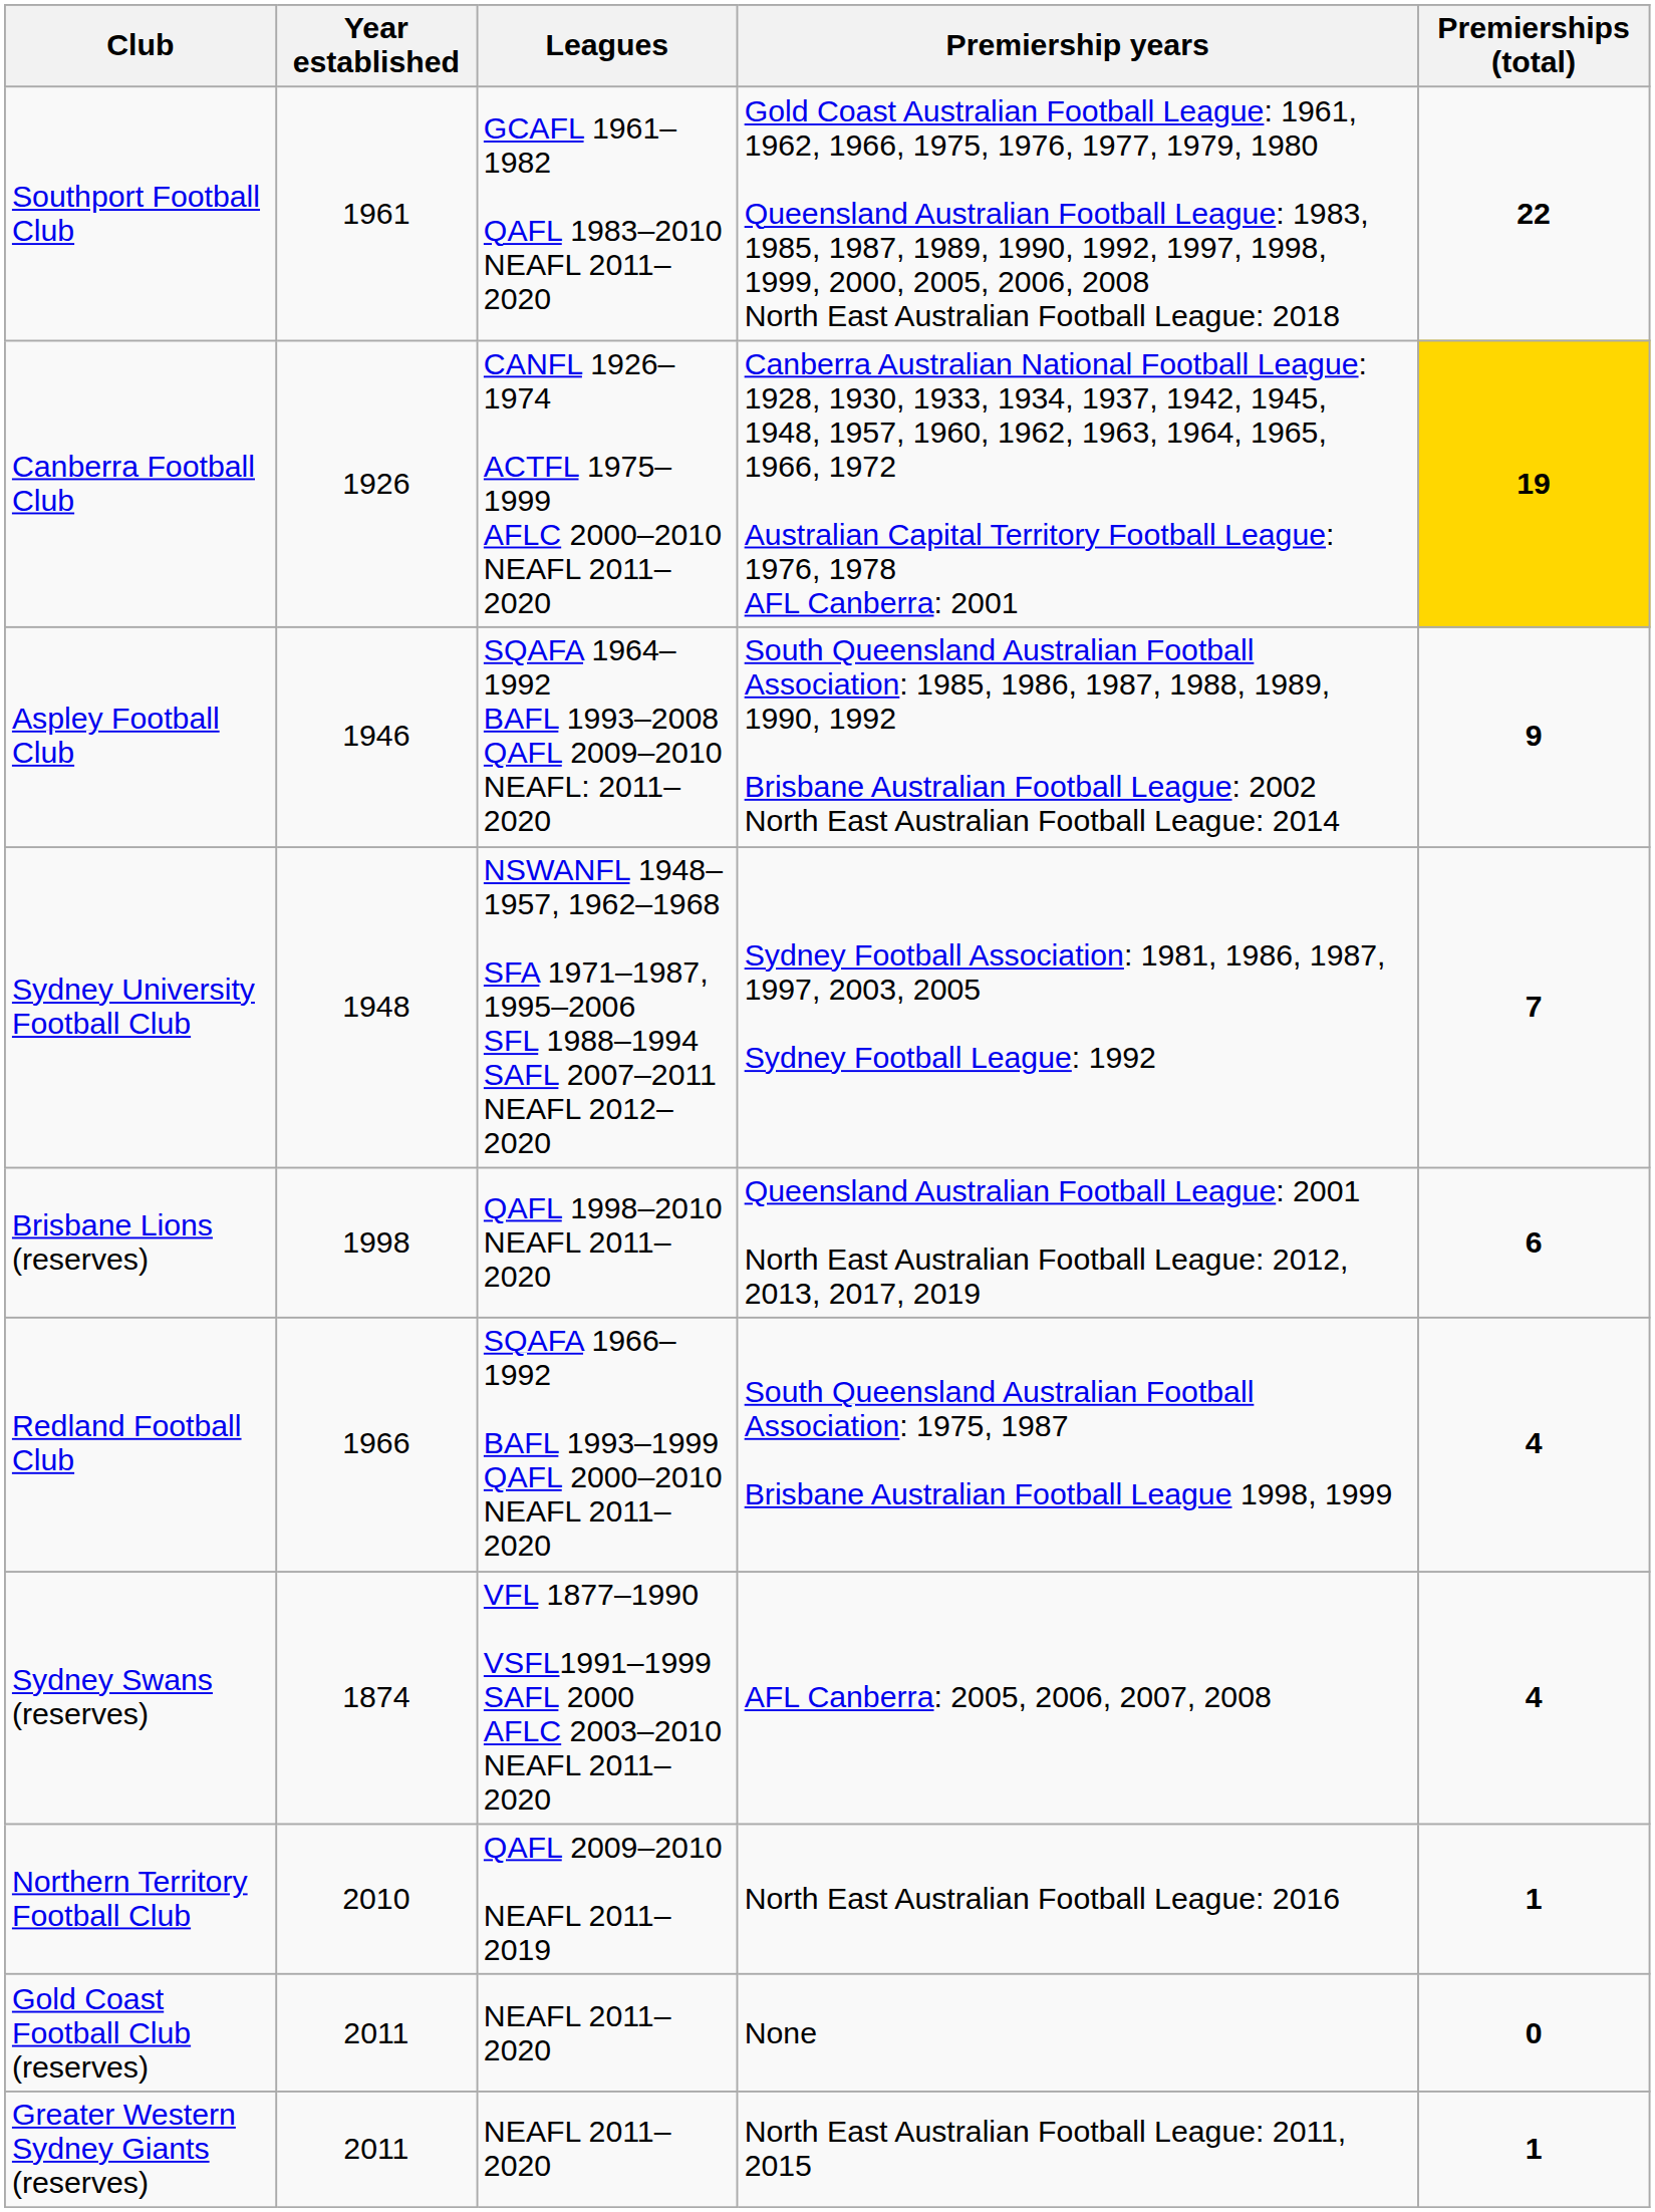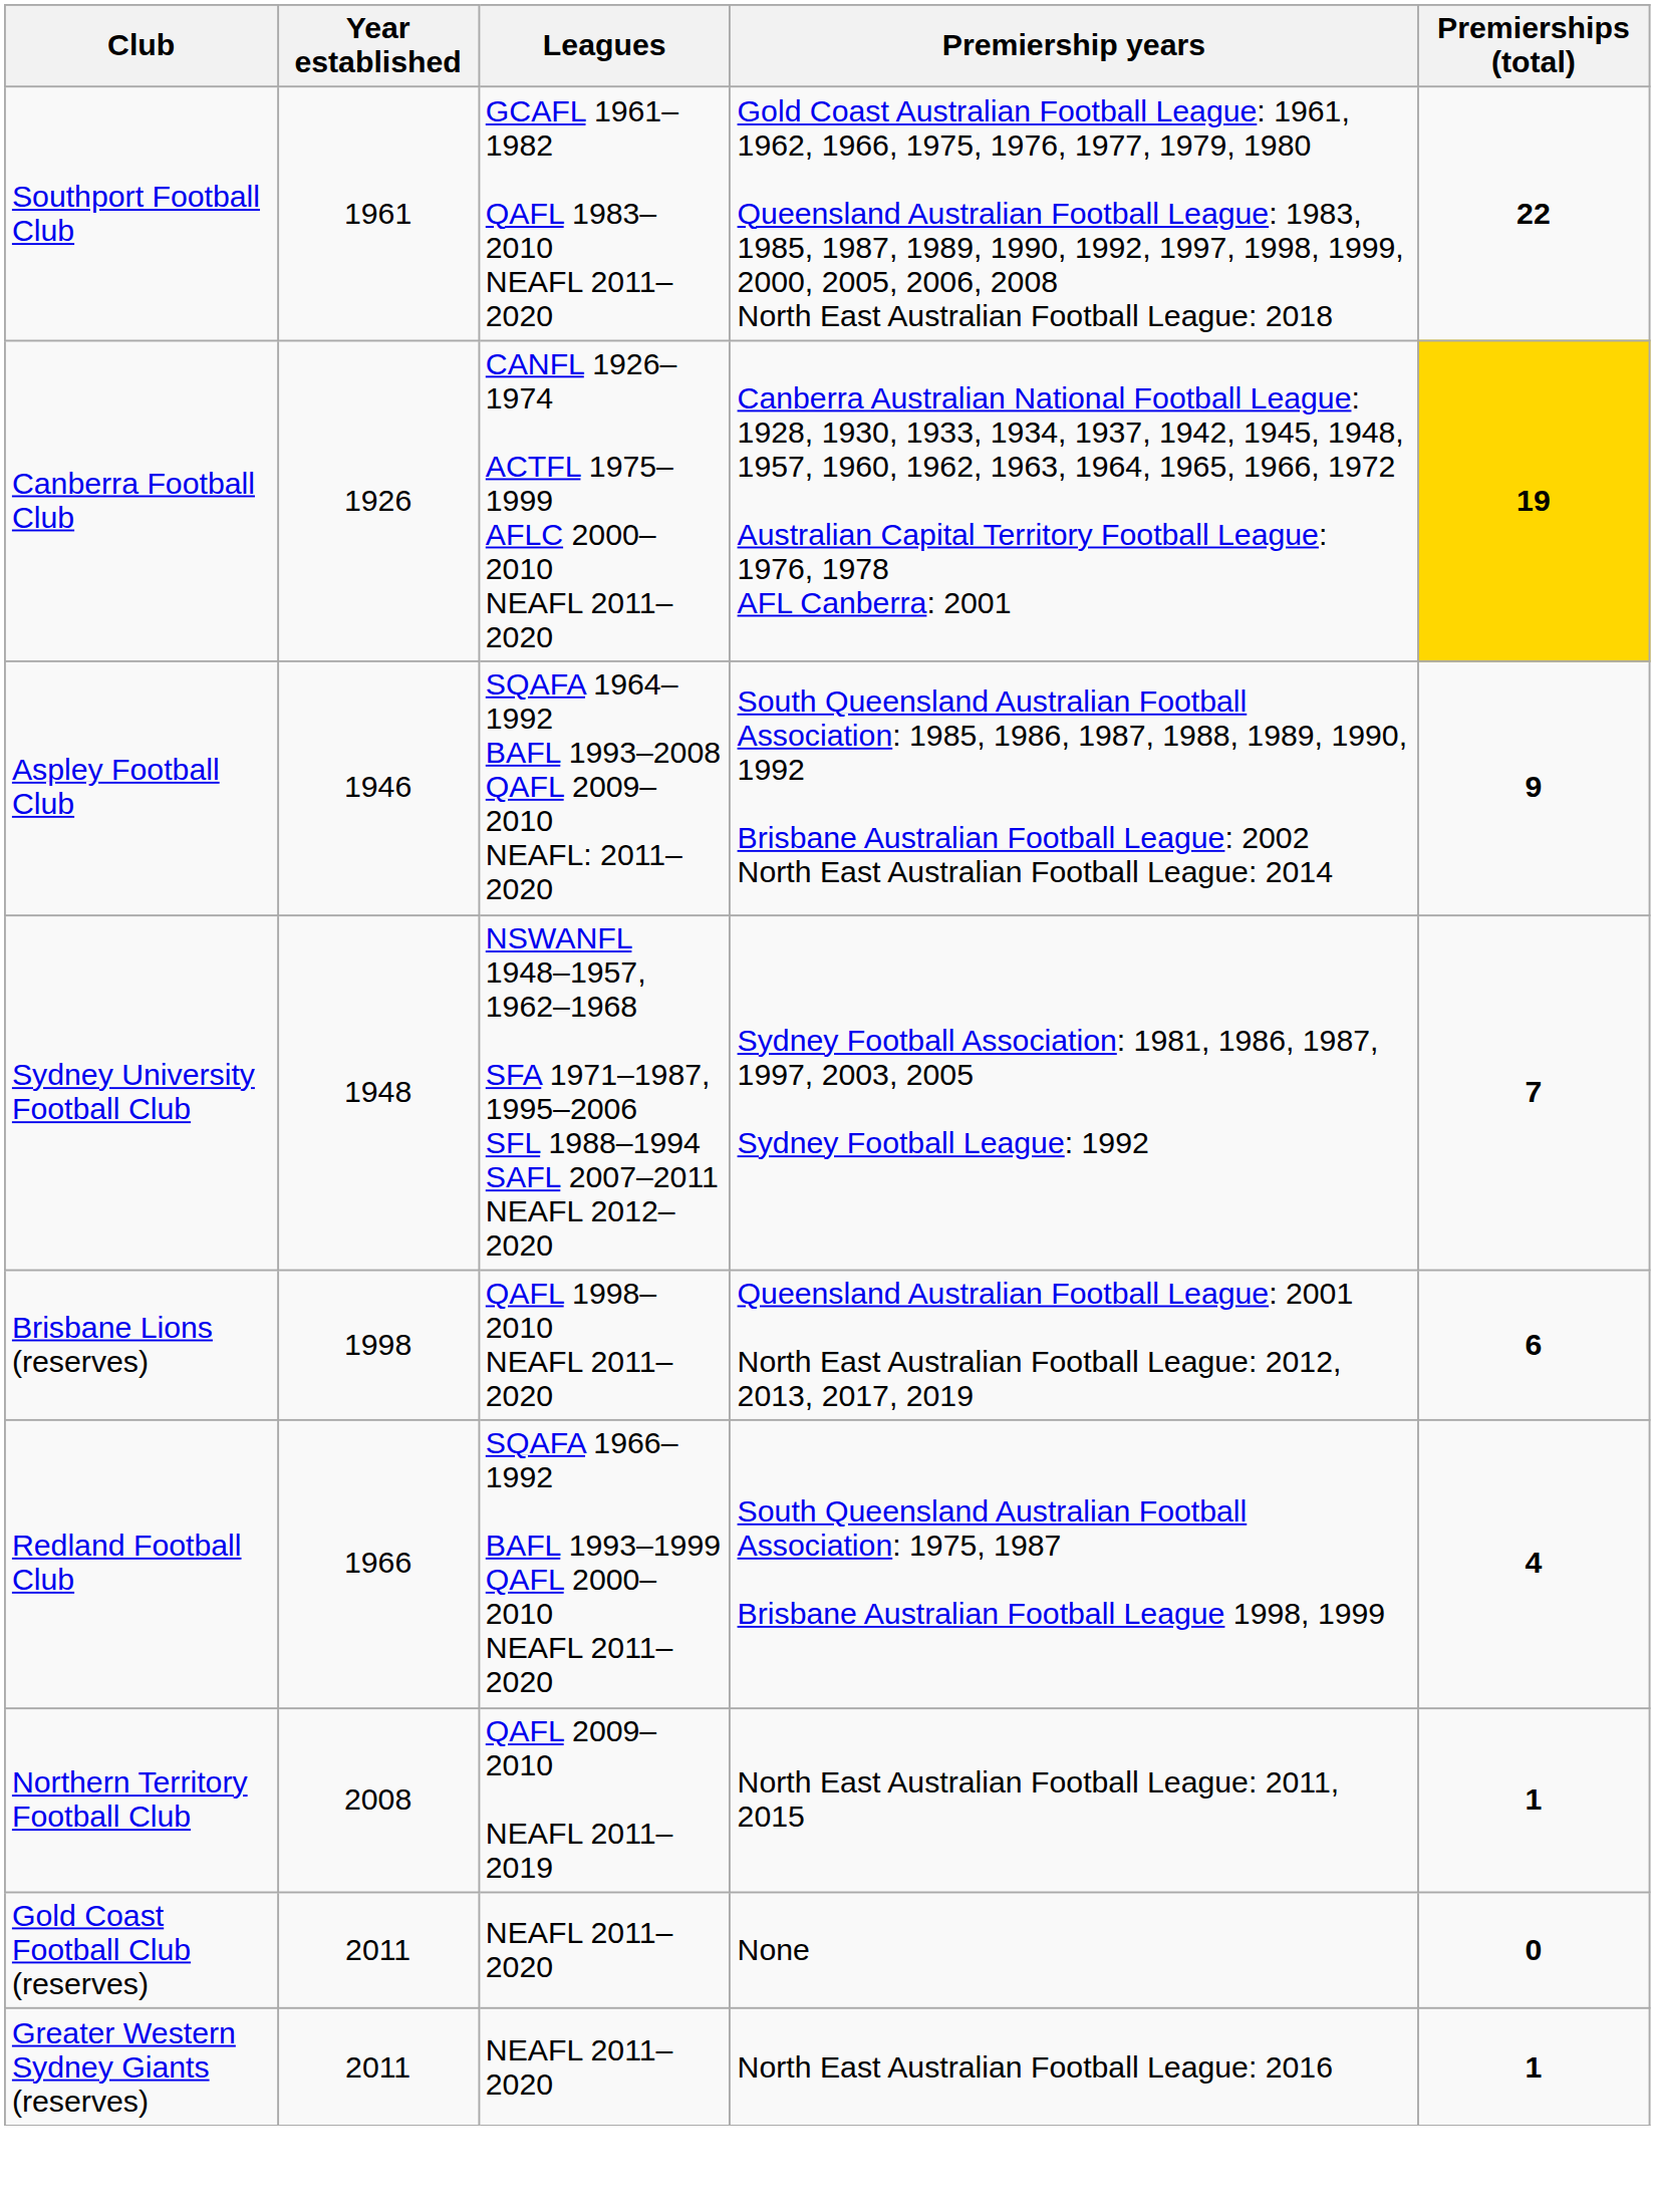 <table class="wikitable sortable">
 <tr>
 <th>Club</th>
 <th>Year established</th>
 <th>Leagues</th>
 <th>Premiership years</th>
 <th>Premierships (total)</th>
 </tr>
 <tr>
 <td><a href='#'>Southport Football Club</a></td>
 <td style="text-align:center;">1961</td>
 <td><a href='#'>GCAFL</a> 1961–1982<br><br><a href='#'>QAFL</a> 1983–2010<br> NEAFL 2011–2020</td>
 <td><a href='#'>Gold Coast Australian Football League</a>: 1961, 1962, 1966, 1975, 1976, 1977, 1979, 1980<br><br><a href='#'>Queensland Australian Football League</a>: 1983, 1985, 1987, 1989, 1990, 1992, 1997, 1998, 1999, 2000, 2005, 2006, 2008<br> North East Australian Football League: 2018</td>
 <td style="text-align:center;"><strong>22</strong></td>
 </tr>
 <tr>
 <td><a href='#'>Canberra Football Club</a></td>
 <td style="text-align:center;">1926</td>
 <td><a href='#'>CANFL</a> 1926–1974<br><br><a href='#'>ACTFL</a> 1975–1999<br> <a href='#'>AFLC</a> 2000–2010<br> NEAFL 2011–2020</td>
 <td><a href='#'>Canberra Australian National Football League</a>: 1928, 1930, 1933, 1934, 1937, 1942, 1945, 1948, 1957, 1960, 1962, 1963, 1964, 1965, 1966, 1972<br><br><a href='#'>Australian Capital Territory Football League</a>: 1976, 1978<br> <a href='#'>AFL Canberra</a>: 2001</td>
 <td style="background: gold; text-align:center;"><strong>19</strong></td>
 </tr>
 <tr>
 <td><a href='#'>Aspley Football Club</a></td>
 <td style="text-align:center;">1946</td>
 <td><a href='#'>SQAFA</a> 1964–1992<br><a href='#'>BAFL</a> 1993–2008<br> <a href='#'>QAFL</a> 2009–2010<br> NEAFL: 2011–2020</td>
 <td><a href='#'>South Queensland Australian Football Association</a>: 1985, 1986, 1987, 1988, 1989, 1990, 1992<br><br><a href='#'>Brisbane Australian Football League</a>: 2002<br> North East Australian Football League: 2014</td>
 <td style="text-align:center;"><strong>9</strong></td>
 </tr>
 <tr>
 <td><a href='#'>Sydney University Football Club</a></td>
 <td style="text-align:center;">1948</td>
 <td><a href='#'>NSWANFL</a> 1948–1957, 1962–1968<br><br><a href='#'>SFA</a> 1971–1987, 1995–2006<br> <a href='#'>SFL</a> 1988–1994<br> <a href='#'>SAFL</a> 2007–2011<br> NEAFL 2012–2020</td>
 <td><a href='#'>Sydney Football Association</a>: 1981, 1986, 1987, 1997, 2003, 2005<br><br><a href='#'>Sydney Football League</a>: 1992</td>
 <td style="text-align:center;"><strong>7</strong></td>
 </tr>
 <tr>
 <td><a href='#'>Brisbane Lions</a> (reserves)</td>
 <td style="text-align:center;">1998</td>
 <td><a href='#'>QAFL</a> 1998–2010<br>NEAFL 2011–2020</td>
 <td><a href='#'>Queensland Australian Football League</a>: 2001<br><br>North East Australian Football League: 2012, 2013, 2017, 2019</td>
 <td style="text-align:center;"><strong>6</strong></td>
 </tr>
 <tr>
 <td><a href='#'>Redland Football Club</a></td>
 <td style="text-align:center;">1966</td>
 <td><a href='#'>SQAFA</a> 1966–1992<br><br><a href='#'>BAFL</a> 1993–1999<br> <a href='#'>QAFL</a> 2000–2010<br> NEAFL 2011–2020</td>
 <td><a href='#'>South Queensland Australian Football Association</a>: 1975, 1987<br><br><a href='#'>Brisbane Australian Football League</a> 1998, 1999</td>
 <td style="text-align:center;"><strong>4</strong></td>
 </tr>
 <tr>
-<td><a href='#'>Sydney Swans</a> (reserves)</td>
-<td style="text-align:center;">1874</td>
-<td><a href='#'>VFL</a> 1877–1990<br><br><a href='#'>VSFL</a>1991–1999<br> <a href='#'>SAFL</a> 2000<br> <a href='#'>AFLC</a> 2003–2010<br> NEAFL 2011–2020</td>
-<td><a href='#'>AFL Canberra</a>: 2005, 2006, 2007, 2008</td>
-<td style="text-align:center;"><strong>4</strong></td>
-</tr>
-<tr>
 <td><a href='#'>Northern Territory Football Club</a></td>
-<td style="text-align:center;">2010</td>
+<td style="text-align:center;">2008</td>
 <td><a href='#'>QAFL</a> 2009–2010<br><br>NEAFL 2011–2019</td>
-<td>North East Australian Football League: 2016</td>
+<td>North East Australian Football League: 2011, 2015</td>
 <td style="text-align:center;"><strong>1</strong></td>
 </tr>
 <tr>
 <td><a href='#'>Gold Coast Football Club</a> (reserves)</td>
 <td style="text-align:center;">2011</td>
 <td>NEAFL 2011–2020</td>
 <td>None</td>
 <td style="text-align:center;"><strong>0</strong></td>
 </tr>
 <tr>
 <td><a href='#'>Greater Western Sydney Giants</a> (reserves)</td>
 <td style="text-align:center;">2011</td>
 <td>NEAFL 2011–2020</td>
-<td>North East Australian Football League: 2011, 2015</td>
+<td>North East Australian Football League: 2016</td>
 <td style="text-align:center;"><strong>1</strong></td>
 </tr>
 </table>
